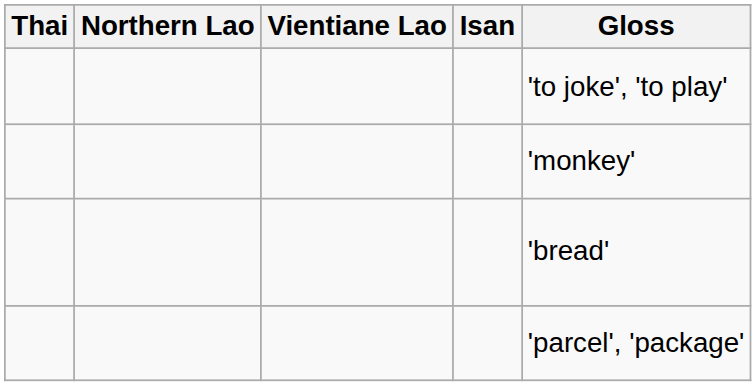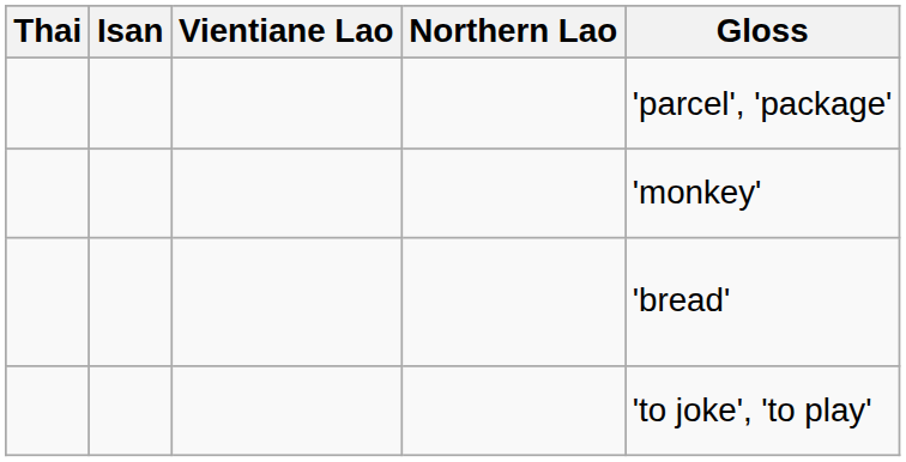 <table class="wikitable">
 <tr>
 <th>Thai</th>
+<th>Isan</th>
+<th>Vientiane Lao</th>
 <th>Northern Lao</th>
-<th>Vientiane Lao</th>
-<th>Isan</th>
 <th>Gloss</th>
 </tr>
 <tr>
 <td><br><br></td>
 <td><br><br></td>
 <td><br><br></td>
 <td><br><br></td>
-<td>'to joke', 'to play'</td>
+<td>'parcel', 'package'</td>
 </tr>
 <tr>
 <td><br><br></td>
 <td><br><br></td>
 <td><br><br></td>
 <td><br><br></td>
 <td>'monkey'</td>
 </tr>
 <tr>
 <td><br><br></td>
+<td><br><br><br></td>
 <td><br><br></td>
 <td><br><br></td>
-<td><br><br><br></td>
 <td>'bread'</td>
 </tr>
 <tr>
 <td><br><br></td>
 <td><br><br></td>
 <td><br><br></td>
 <td><br><br></td>
-<td>'parcel', 'package'</td>
+<td>'to joke', 'to play'</td>
 </tr>
 </table>
